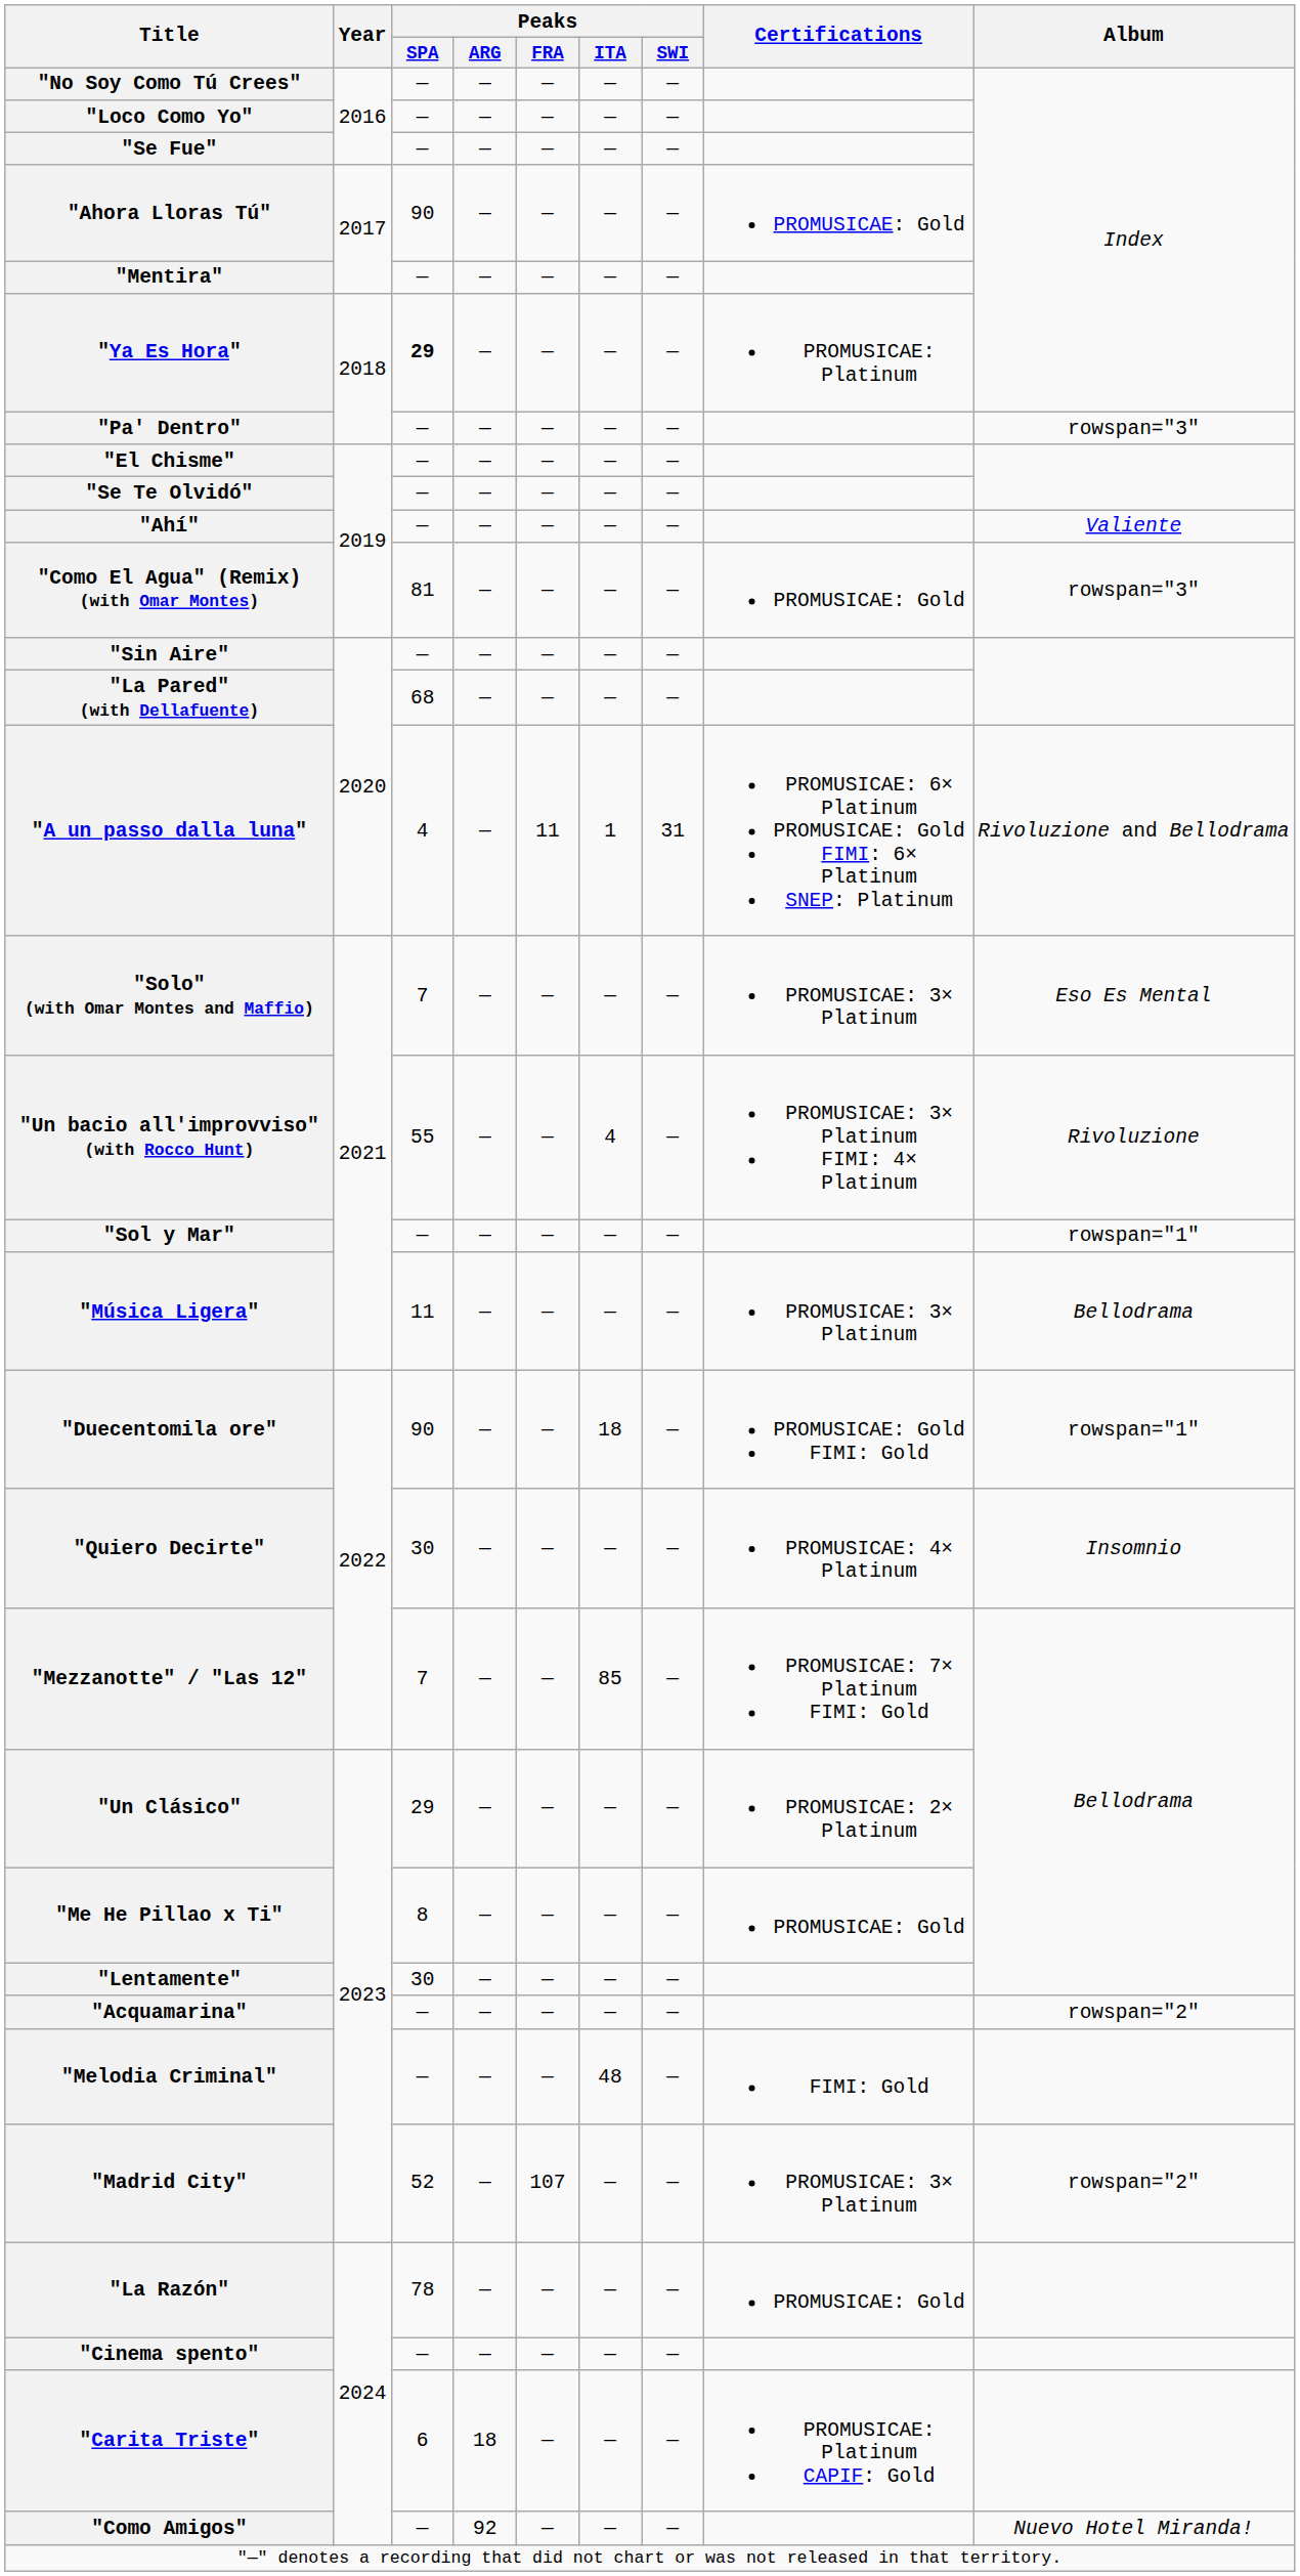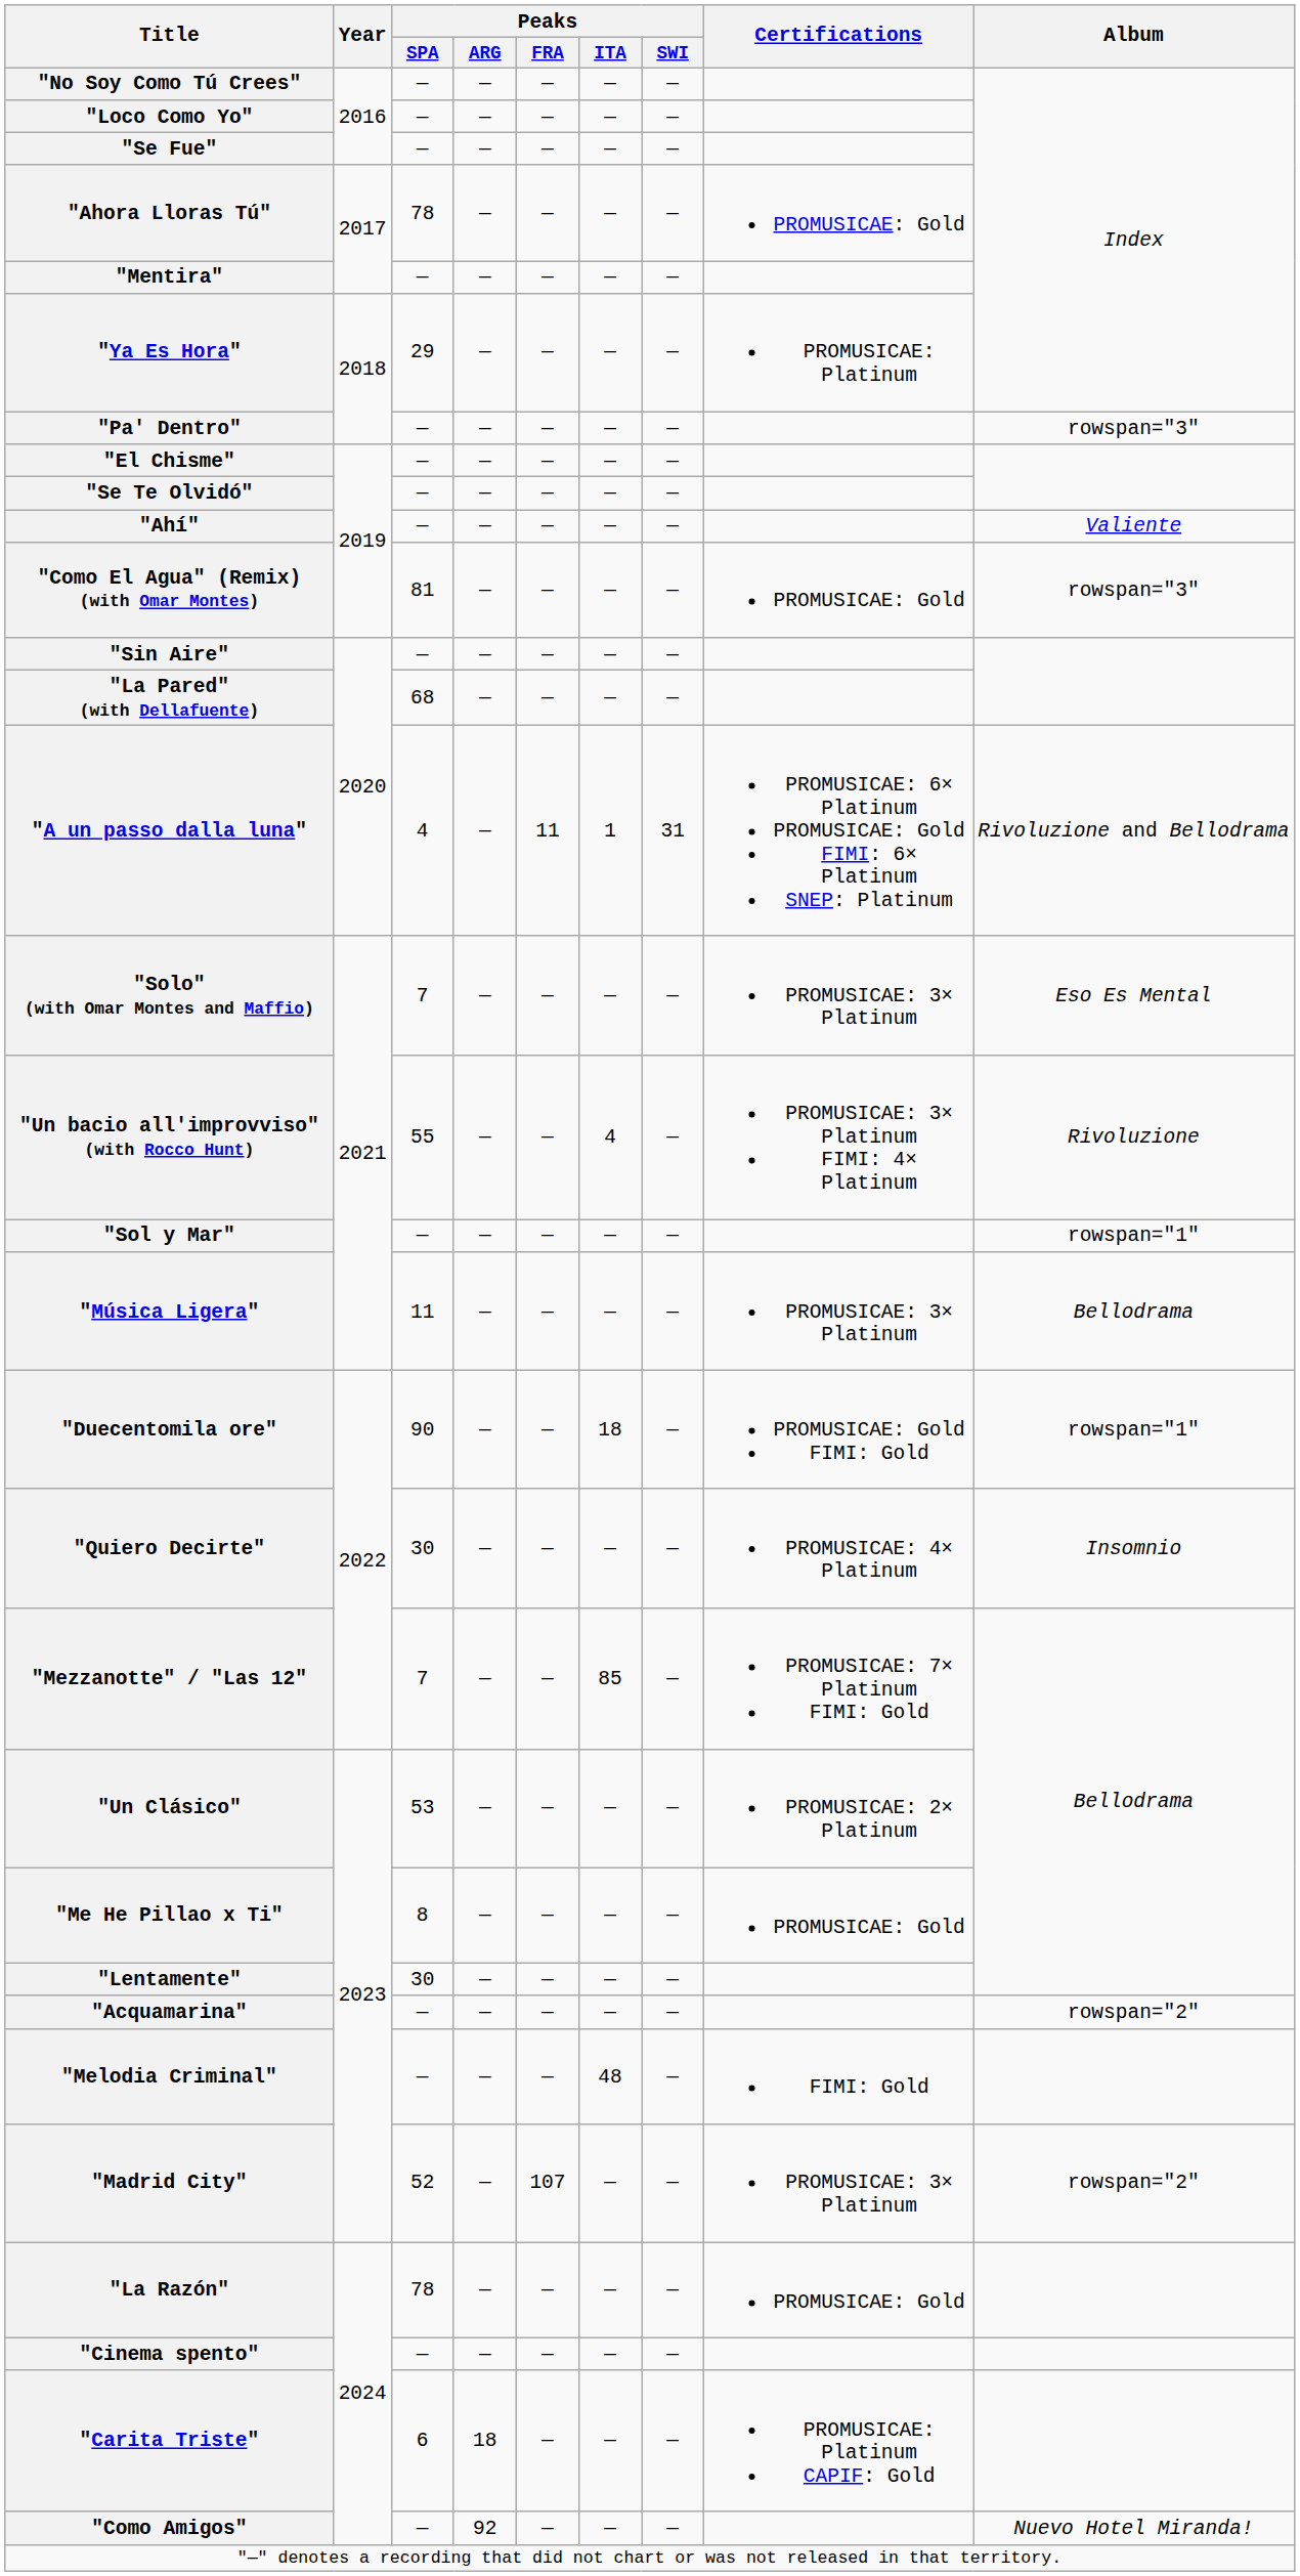 <table class="wikitable plainrowheaders" style="text-align:center;">
 <tr>
 <th scope="col" rowspan="2" style="width:16em;">Title</th>
 <th scope="col" rowspan="2" style="width:1em;">Year</th>
 <th scope="col" colspan="5">Peaks</th>
 <th scope="col" rowspan="2" style="width:13em;"><a href='#'>Certifications</a></th>
 <th scope="col" rowspan="2">Album</th>
 </tr>
 <tr>
 <th scope="col" style="width:3em;font-size:90%;"><a href='#'>SPA</a><br></th>
 <th scope="col" style="width:3em;font-size:90%;"><a href='#'>ARG</a><br></th>
 <th scope="col" style="width:3em;font-size:90%;"><a href='#'>FRA</a><br></th>
 <th scope="col" style="width:3em;font-size:90%;"><a href='#'>ITA</a><br></th>
 <th scope="col" style="width:3em;font-size:90%;"><a href='#'>SWI</a><br></th>
 </tr>
 <tr>
 <th scope="row">"No Soy Como Tú Crees"</th>
 <td rowspan="3">2016</td>
 <td>—</td>
 <td>—</td>
 <td>—</td>
 <td>—</td>
 <td>—</td>
 <td></td>
 <td rowspan="6"><em>Index</em></td>
 </tr>
 <tr>
 <th scope="row">"Loco Como Yo"</th>
 <td>—</td>
 <td>—</td>
 <td>—</td>
 <td>—</td>
 <td>—</td>
 <td></td>
 </tr>
 <tr>
 <th scope="row">"Se Fue"</th>
 <td>—</td>
 <td>—</td>
 <td>—</td>
 <td>—</td>
 <td>—</td>
 <td></td>
 </tr>
 <tr>
 <th scope="row">"Ahora Lloras Tú"<br></th>
 <td rowspan="2">2017</td>
-<td>90</td>
+<td>78</td>
 <td>—</td>
 <td>—</td>
 <td>—</td>
 <td>—</td>
 <td><br><ul><li><a href='#'>PROMUSICAE</a>: Gold</li></ul></td>
 </tr>
 <tr>
 <th scope="row">"Mentira"<br></th>
 <td>—</td>
 <td>—</td>
 <td>—</td>
 <td>—</td>
 <td>—</td>
 <td></td>
 </tr>
 <tr>
 <th scope="row">"<a href='#'>Ya Es Hora</a>"<br></th>
 <td rowspan="2">2018</td>
-<td><strong>29</strong></td>
+<td>29</td>
 <td>—</td>
 <td>—</td>
 <td>—</td>
 <td>—</td>
 <td><br><ul><li>PROMUSICAE: Platinum</li></ul></td>
 </tr>
 <tr>
 <th scope="row">"Pa' Dentro"<br></th>
 <td>—</td>
 <td>—</td>
 <td>—</td>
 <td>—</td>
 <td>—</td>
 <td></td>
 <td>rowspan="3" </td>
 </tr>
 <tr>
 <th scope="row">"El Chisme"<br></th>
 <td rowspan="4">2019</td>
 <td>—</td>
 <td>—</td>
 <td>—</td>
 <td>—</td>
 <td>—</td>
 <td></td>
 </tr>
 <tr>
 <th scope="row">"Se Te Olvidó"<br></th>
 <td>—</td>
 <td>—</td>
 <td>—</td>
 <td>—</td>
 <td>—</td>
 <td></td>
 </tr>
 <tr>
 <th scope="row">"Ahí"<br></th>
 <td>—</td>
 <td>—</td>
 <td>—</td>
 <td>—</td>
 <td>—</td>
 <td></td>
 <td><em><a href='#'>Valiente</a></em></td>
 </tr>
 <tr>
 <th scope="row">"Como El Agua" (Remix)<br><small>(with <a href='#'>Omar Montes</a>)</small></th>
 <td>81</td>
 <td>—</td>
 <td>—</td>
 <td>—</td>
 <td>—</td>
 <td><br><ul><li>PROMUSICAE: Gold</li></ul></td>
 <td>rowspan="3" </td>
 </tr>
 <tr>
 <th scope="row">"Sin Aire"</th>
 <td rowspan="3">2020</td>
 <td>—</td>
 <td>—</td>
 <td>—</td>
 <td>—</td>
 <td>—</td>
 <td></td>
 </tr>
 <tr>
 <th scope="row">"La Pared"<br><small>(with <a href='#'>Dellafuente</a>)</small></th>
 <td>68</td>
 <td>—</td>
 <td>—</td>
 <td>—</td>
 <td>—</td>
 <td></td>
 </tr>
 <tr>
 <th scope="row">"<a href='#'>A un passo dalla luna</a>"<br></th>
 <td>4</td>
 <td>—</td>
 <td>11</td>
 <td>1</td>
 <td>31</td>
 <td><br><ul><li>PROMUSICAE: 6× Platinum</li><li>PROMUSICAE: Gold </li><li><a href='#'>FIMI</a>: 6× Platinum</li><li><a href='#'>SNEP</a>: Platinum</li></ul></td>
 <td><em>Rivoluzione</em> and <em>Bellodrama</em></td>
 </tr>
 <tr>
 <th scope="row">"Solo"<br><small>(with Omar Montes and <a href='#'>Maffio</a>)</small></th>
 <td rowspan="4">2021</td>
 <td>7</td>
 <td>—</td>
 <td>—</td>
 <td>—</td>
 <td>—</td>
 <td><br><ul><li>PROMUSICAE: 3× Platinum</li></ul></td>
 <td><em>Eso Es Mental</em></td>
 </tr>
 <tr>
 <th scope="row">"Un bacio all'improvviso"<br><small>(with <a href='#'>Rocco Hunt</a>)</small></th>
 <td>55</td>
 <td>—</td>
 <td>—</td>
 <td>4</td>
 <td>—</td>
 <td><br><ul><li>PROMUSICAE: 3× Platinum</li><li>FIMI: 4× Platinum</li></ul></td>
 <td><em>Rivoluzione</em></td>
 </tr>
 <tr>
 <th scope="row">"Sol y Mar"<br></th>
 <td>—</td>
 <td>—</td>
 <td>—</td>
 <td>—</td>
 <td>—</td>
 <td></td>
 <td>rowspan="1" </td>
 </tr>
 <tr>
 <th scope="row">"<a href='#'>Música Ligera</a>"</th>
 <td>11</td>
 <td>—</td>
 <td>—</td>
 <td>—</td>
 <td>—</td>
 <td><br><ul><li>PROMUSICAE: 3× Platinum</li></ul></td>
 <td><em>Bellodrama</em></td>
 </tr>
 <tr>
 <th scope="row">"Duecentomila ore"</th>
 <td rowspan="3">2022</td>
 <td>90</td>
 <td>—</td>
 <td>—</td>
 <td>18</td>
 <td>—</td>
 <td><br><ul><li>PROMUSICAE: Gold</li><li>FIMI: Gold</li></ul></td>
 <td>rowspan="1" </td>
 </tr>
 <tr>
 <th scope="row">"Quiero Decirte"<br></th>
 <td>30</td>
 <td>—</td>
 <td>—</td>
 <td>—</td>
 <td>—</td>
 <td><br><ul><li>PROMUSICAE: 4× Platinum</li></ul></td>
 <td><em>Insomnio</em></td>
 </tr>
 <tr>
 <th scope="row">"Mezzanotte" / "Las 12"<br></th>
 <td>7</td>
 <td>—</td>
 <td>—</td>
 <td>85</td>
 <td>—</td>
 <td><br><ul><li>PROMUSICAE: 7× Platinum</li><li>FIMI: Gold</li></ul></td>
 <td rowspan="4"><em>Bellodrama</em></td>
 </tr>
 <tr>
 <th scope="row">"Un Clásico"</th>
 <td rowspan="6">2023</td>
-<td>29</td>
+<td>53</td>
 <td>—</td>
 <td>—</td>
 <td>—</td>
 <td>—</td>
 <td><br><ul><li>PROMUSICAE: 2× Platinum</li></ul></td>
 </tr>
 <tr>
 <th scope="row">"Me He Pillao x Ti"<br></th>
 <td>8</td>
 <td>—</td>
 <td>—</td>
 <td>—</td>
 <td>—</td>
 <td><br><ul><li>PROMUSICAE: Gold</li></ul></td>
 </tr>
 <tr>
 <th scope="row">"Lentamente"</th>
 <td>30</td>
 <td>—</td>
 <td>—</td>
 <td>—</td>
 <td>—</td>
 <td></td>
 </tr>
 <tr>
 <th scope="row">"Acquamarina"<br></th>
 <td>—</td>
 <td>—</td>
 <td>—</td>
 <td>—</td>
 <td>—</td>
 <td></td>
 <td>rowspan="2" </td>
 </tr>
 <tr>
 <th scope="row">"Melodia Criminal"<br></th>
 <td>—</td>
 <td>—</td>
 <td>—</td>
 <td>48</td>
 <td>—</td>
 <td><br><ul><li>FIMI: Gold</li></ul></td>
 </tr>
 <tr>
 <th scope="row">"Madrid City"</th>
 <td>52</td>
 <td>—</td>
 <td>107</td>
 <td>—</td>
 <td>—</td>
 <td><br><ul><li>PROMUSICAE: 3× Platinum</li></ul></td>
 <td>rowspan="2" </td>
 </tr>
 <tr>
 <th scope="row">"La Razón"<br></th>
 <td rowspan="4">2024</td>
 <td>78</td>
 <td>—</td>
 <td>—</td>
 <td>—</td>
 <td>—</td>
 <td><br><ul><li>PROMUSICAE: Gold</li></ul></td>
 </tr>
 <tr>
 <th scope="row">"Cinema spento"<br></th>
 <td>—</td>
 <td>—</td>
 <td>—</td>
 <td>—</td>
 <td>—</td>
 <td></td>
 <td></td>
 </tr>
 <tr>
 <th scope="row">"<a href='#'>Carita Triste</a>"<br></th>
 <td>6</td>
 <td>18</td>
 <td>—</td>
 <td>—</td>
 <td>—</td>
 <td><br><ul><li>PROMUSICAE: Platinum</li><li><a href='#'>CAPIF</a>: Gold</li></ul></td>
 <td></td>
 </tr>
 <tr>
 <th scope="row">"Como Amigos"<br></th>
 <td>—</td>
 <td>92</td>
 <td>—</td>
 <td>—</td>
 <td>—</td>
 <td></td>
 <td><em>Nuevo Hotel Miranda!</em></td>
 </tr>
 <tr>
 <td colspan="15" style="text-align:center; font-size:85%;">"—" denotes a recording that did not chart or was not released in that territory.</td>
 </tr>
 </table>
